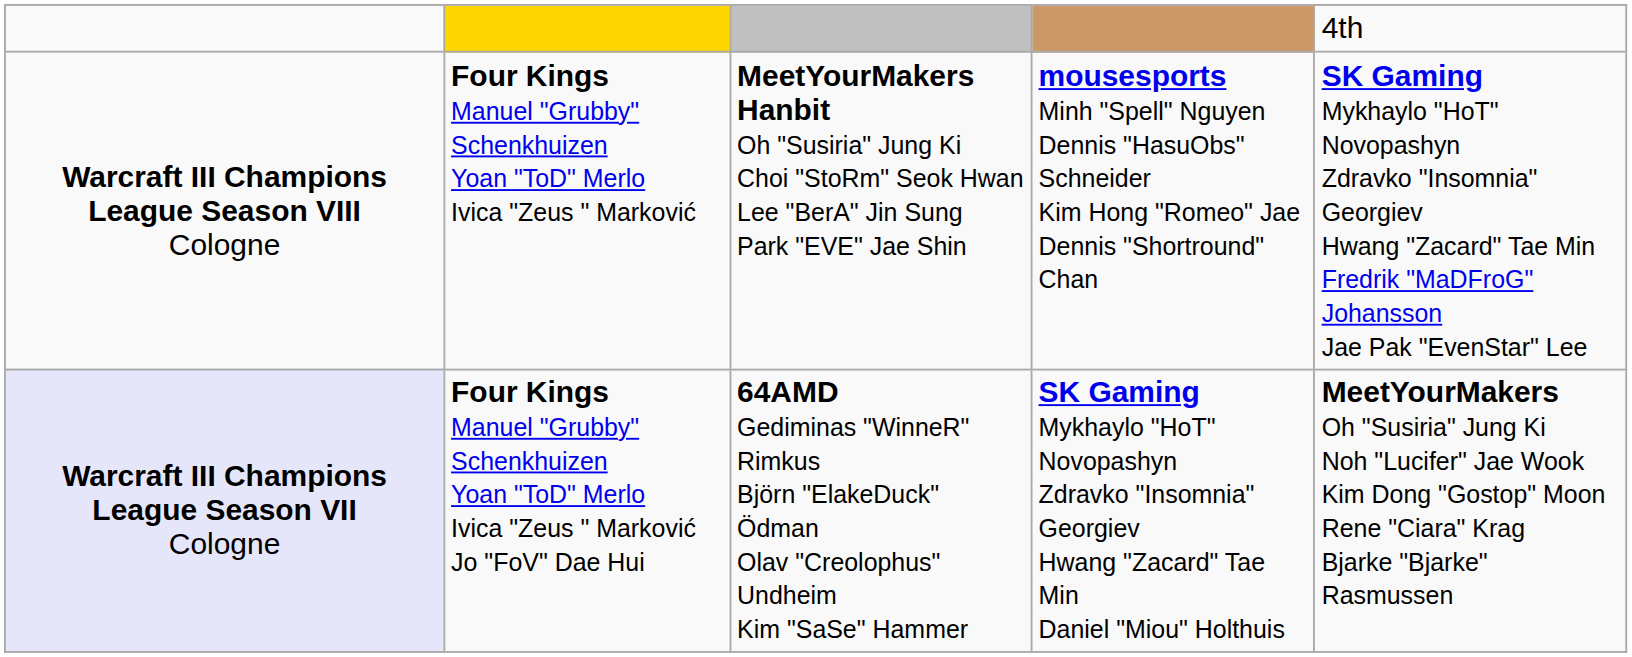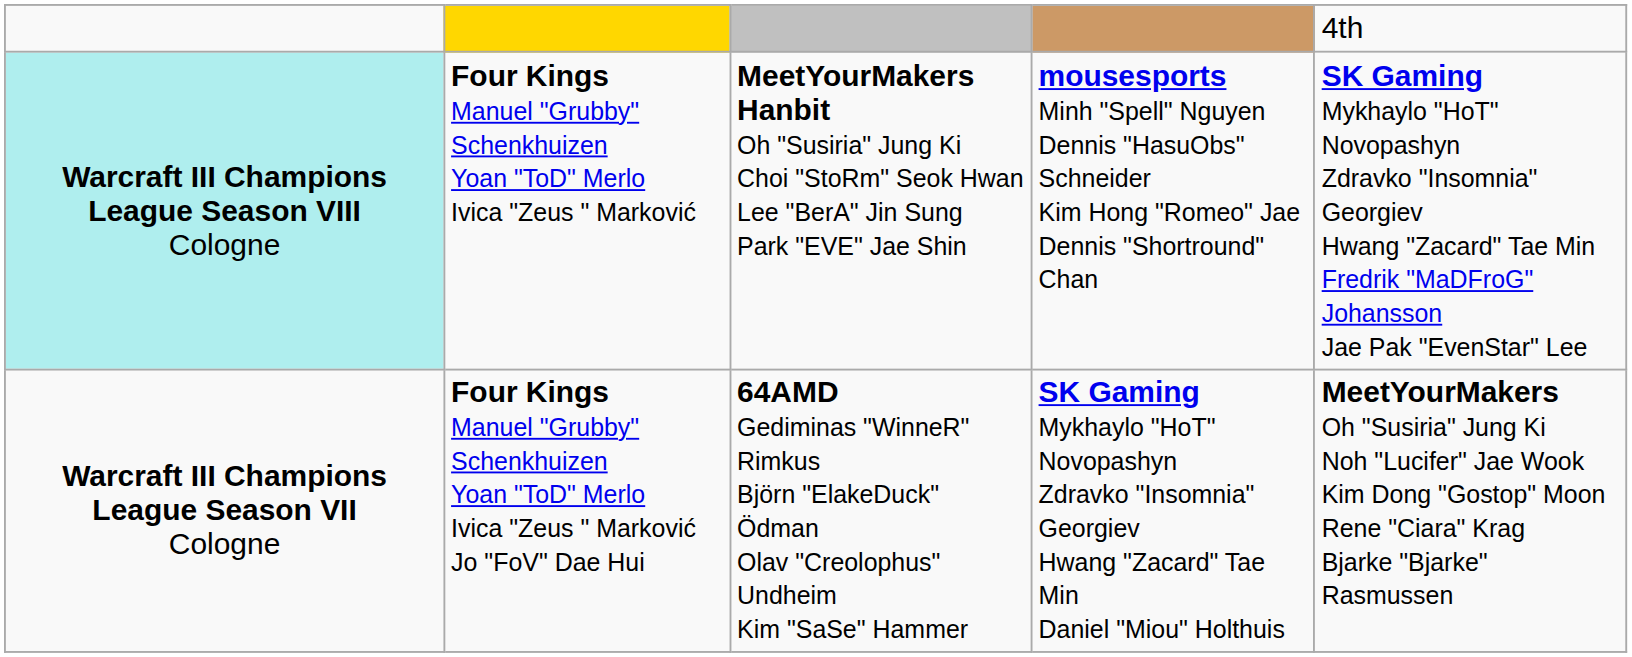 <table class="wikitable" style="text-align:left">
 <tr>
 <td style="text-align:center"></td>
 <td style="text-align:center; background:gold;"></td>
 <td style="text-align:center; background:silver;"></td>
 <td style="text-align:center; background:#c96;"></td>
 <td>4th</td>
 </tr>
 <tr>
-<td style="text-align:center"><strong>Warcraft III Champions League Season VIII</strong><br> Cologne</td>
+<td style="background: paleturquoise; text-align:center"><strong>Warcraft III Champions League Season VIII</strong><br> Cologne</td>
 <td style="vertical-align:top"> <strong>Four Kings</strong><br><small> <a href='#'>Manuel "Grubby" Schenkhuizen</a><br> <a href='#'>Yoan "ToD" Merlo</a><br> Ivica "Zeus " Marković</small></td>
 <td style="vertical-align:top"> <strong>MeetYourMakers</strong> <br>  <strong>Hanbit</strong><br><small> Oh "Susiria" Jung Ki<br> Choi "StoRm" Seok Hwan<br> Lee "BerA" Jin Sung<br>  Park "EVE" Jae Shin</small></td>
 <td style="vertical-align:top"> <strong><a href='#'>mousesports</a></strong><br><small> Minh "Spell" Nguyen<br> Dennis "HasuObs" Schneider<br> Kim Hong "Romeo" Jae<br>  Dennis "Shortround" Chan</small></td>
 <td style="vertical-align:top"> <strong><a href='#'>SK Gaming</a></strong><br><small> Mykhaylo "HoT" Novopashyn<br> Zdravko "Insomnia" Georgiev<br> Hwang "Zacard" Tae Min<br> <a href='#'>Fredrik "MaDFroG" Johansson</a> <br> Jae Pak "EvenStar" Lee</small></td>
 </tr>
 <tr>
-<td style="background: lavender; text-align:center"><strong>Warcraft III Champions League Season VII</strong><br> Cologne</td>
+<td style="text-align:center"><strong>Warcraft III Champions League Season VII</strong><br> Cologne</td>
 <td style="vertical-align:top"> <strong>Four Kings</strong><br><small> <a href='#'>Manuel "Grubby" Schenkhuizen</a><br> <a href='#'>Yoan "ToD" Merlo</a><br> Ivica "Zeus " Marković<br>  Jo "FoV" Dae Hui</small></td>
 <td style="vertical-align:top"> <strong>64AMD</strong><br><small> Gediminas "WinneR" Rimkus<br> Björn "ElakeDuck" Ödman<br> Olav "Creolophus" Undheim<br> Kim "SaSe" Hammer</small></td>
 <td style="vertical-align:top"> <strong><a href='#'>SK Gaming</a></strong><br><small> Mykhaylo "HoT" Novopashyn<br> Zdravko "Insomnia" Georgiev<br> Hwang "Zacard" Tae Min<br> Daniel "Miou" Holthuis</small></td>
 <td style="vertical-align:top"> <strong>MeetYourMakers</strong><br><small> Oh "Susiria" Jung Ki<br> Noh "Lucifer" Jae Wook<br> Kim Dong "Gostop" Moon<br> Rene "Ciara" Krag<br> Bjarke "Bjarke" Rasmussen<br></small></td>
 </tr>
 </table>
